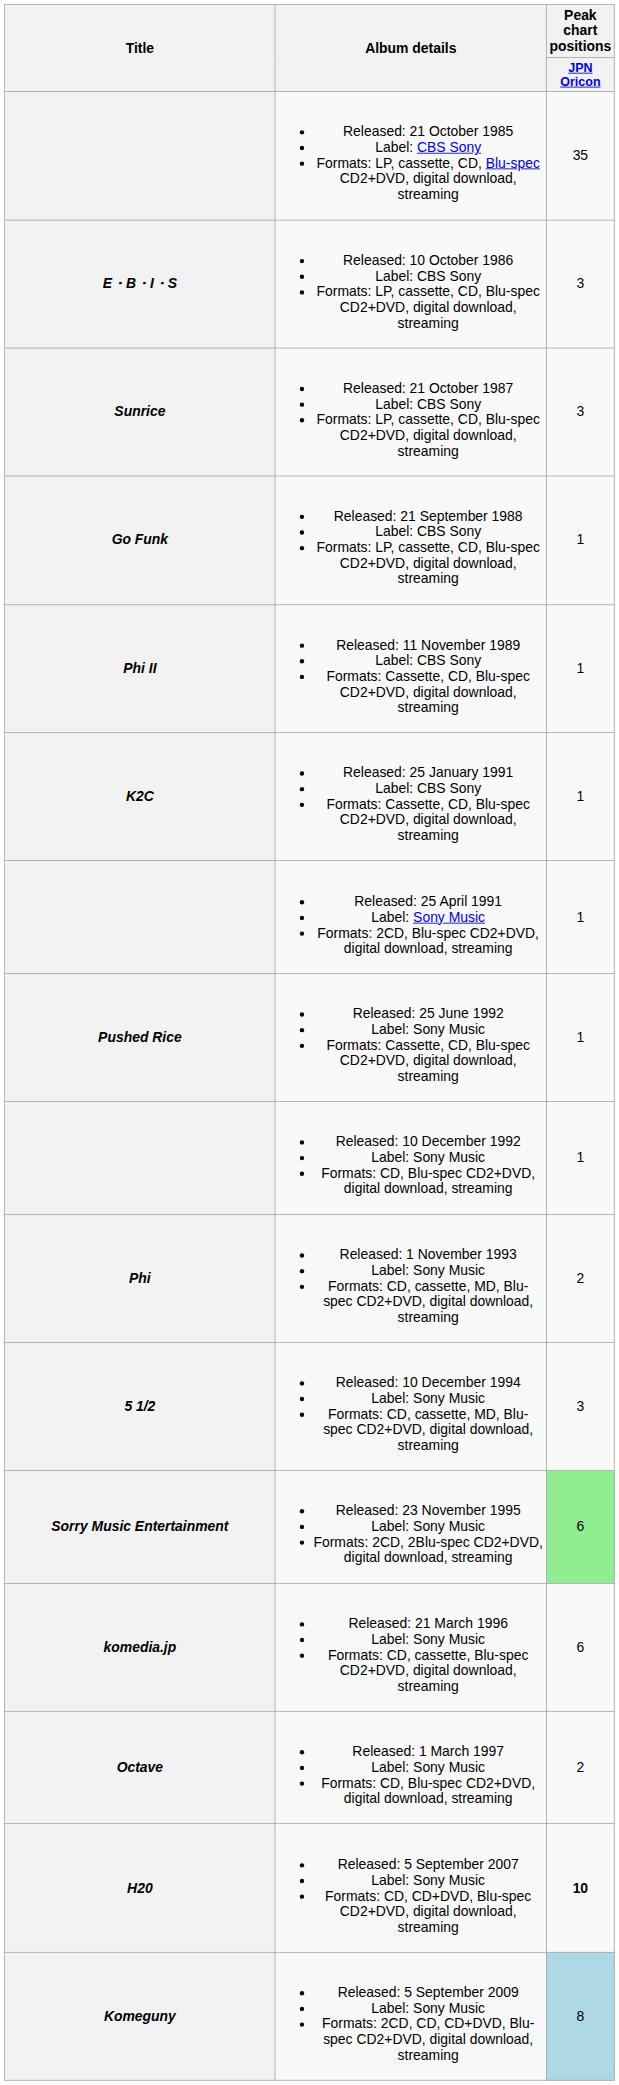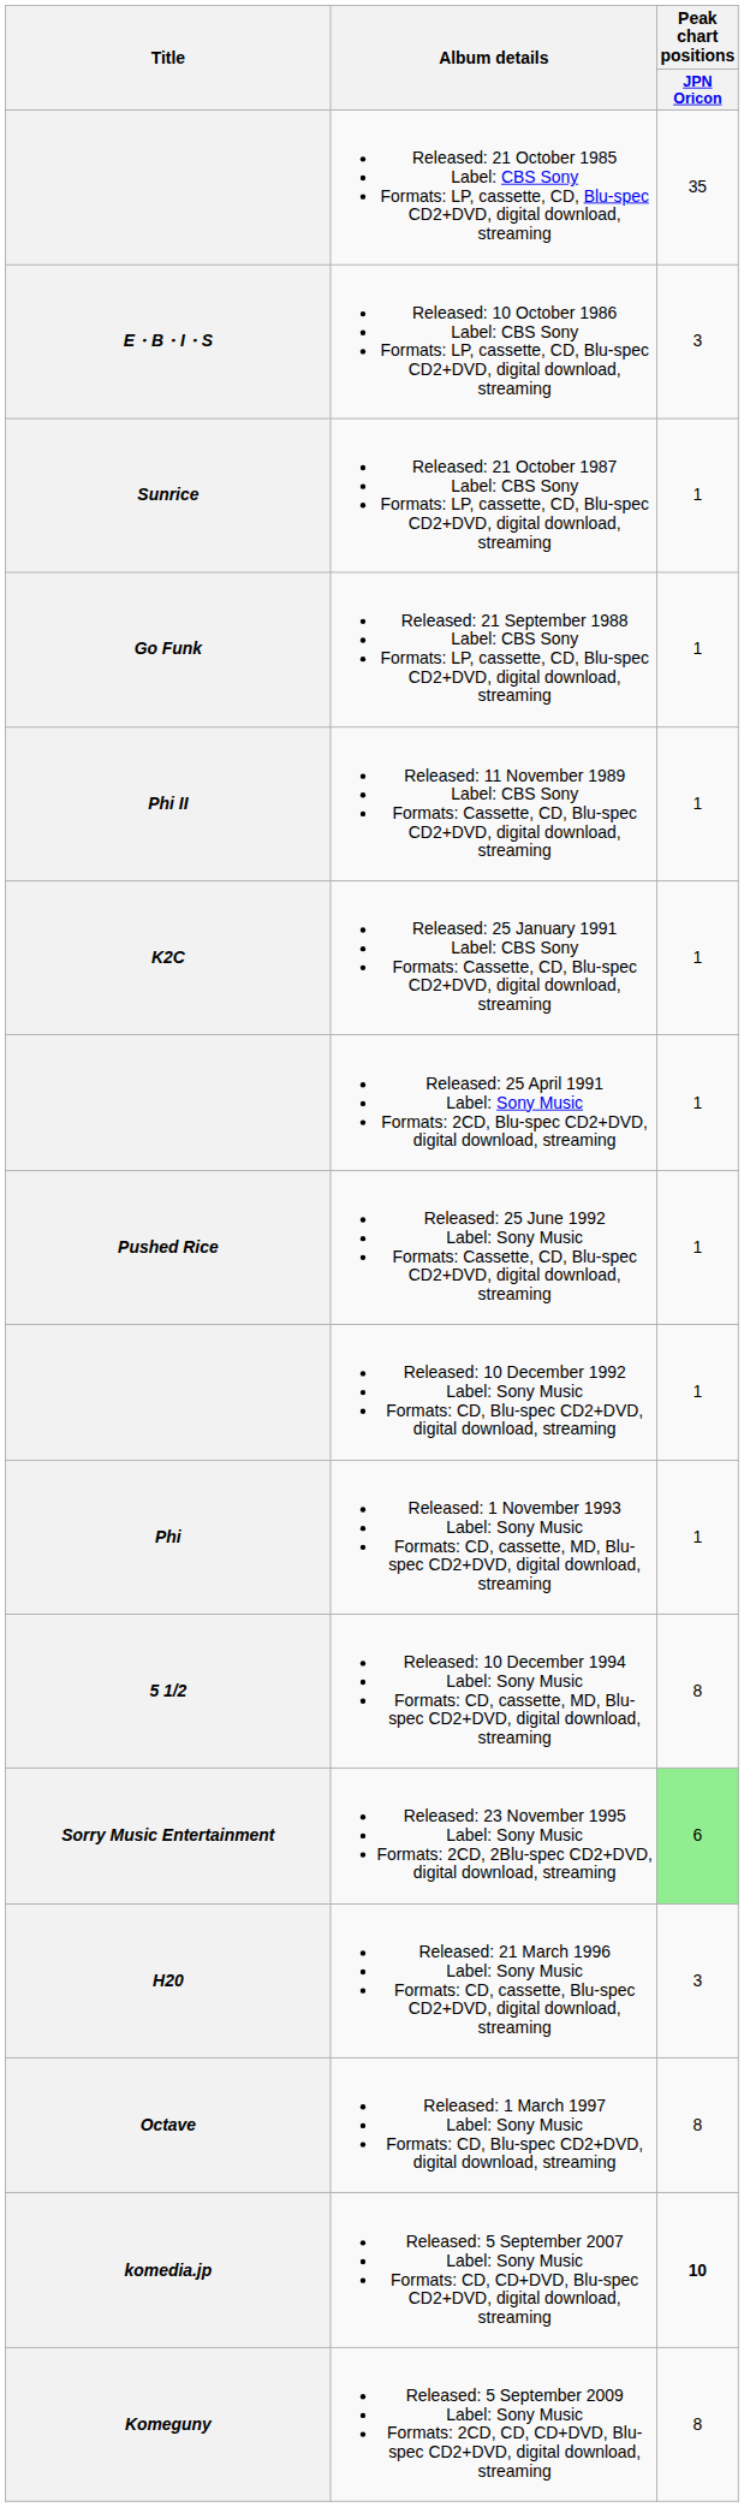 <table class="wikitable plainrowheaders" style="text-align:center;">
 <tr>
 <th scope="col" rowspan="2" style="width:19em;">Title</th>
 <th scope="col" rowspan="2" style="width:19em;">Album details</th>
 <th scope="col">Peak chart positions</th>
 </tr>
 <tr>
 <th scope="col" style="width:2.9em;font-size:90%;"><a href='#'>JPN<br>Oricon</a><br></th>
 </tr>
 <tr>
 <th scope="row"></th>
 <td><br><ul><li>Released: 21 October 1985</li><li>Label: <a href='#'>CBS Sony</a></li><li>Formats: LP, cassette, CD, <a href='#'>Blu-spec</a> CD2+DVD, digital download, streaming</li></ul></td>
 <td>35</td>
 </tr>
 <tr>
 <th scope="row"><em>E・B・I・S</em></th>
 <td><br><ul><li>Released: 10 October 1986</li><li>Label: CBS Sony</li><li>Formats: LP, cassette, CD, Blu-spec CD2+DVD, digital download, streaming</li></ul></td>
 <td>3</td>
 </tr>
 <tr>
 <th scope="row"><em>Sunrice</em></th>
 <td><br><ul><li>Released: 21 October 1987</li><li>Label: CBS Sony</li><li>Formats: LP, cassette, CD, Blu-spec CD2+DVD, digital download, streaming</li></ul></td>
-<td>3</td>
+<td>1</td>
 </tr>
 <tr>
 <th scope="row"><em>Go Funk</em></th>
 <td><br><ul><li>Released: 21 September 1988</li><li>Label: CBS Sony</li><li>Formats: LP, cassette, CD, Blu-spec CD2+DVD, digital download, streaming</li></ul></td>
 <td>1</td>
 </tr>
 <tr>
 <th scope="row"><em>Phi II</em></th>
 <td><br><ul><li>Released: 11 November 1989</li><li>Label: CBS Sony</li><li>Formats: Cassette, CD, Blu-spec CD2+DVD, digital download, streaming</li></ul></td>
 <td>1</td>
 </tr>
 <tr>
 <th scope="row"><em>K2C</em></th>
 <td><br><ul><li>Released: 25 January 1991</li><li>Label: CBS Sony</li><li>Formats: Cassette, CD, Blu-spec CD2+DVD, digital download, streaming</li></ul></td>
 <td>1</td>
 </tr>
 <tr>
 <th scope="row"></th>
 <td><br><ul><li>Released: 25 April 1991</li><li>Label: <a href='#'>Sony Music</a></li><li>Formats: 2CD, Blu-spec CD2+DVD, digital download, streaming</li></ul></td>
 <td>1</td>
 </tr>
 <tr>
 <th scope="row"><em>Pushed Rice</em></th>
 <td><br><ul><li>Released: 25 June 1992</li><li>Label: Sony Music</li><li>Formats: Cassette, CD, Blu-spec CD2+DVD, digital download, streaming</li></ul></td>
 <td>1</td>
 </tr>
 <tr>
 <th scope="row"></th>
 <td><br><ul><li>Released: 10 December 1992</li><li>Label: Sony Music</li><li>Formats: CD, Blu-spec CD2+DVD, digital download, streaming</li></ul></td>
 <td>1</td>
 </tr>
 <tr>
 <th scope="row"><em>Phi</em></th>
 <td><br><ul><li>Released: 1 November 1993</li><li>Label: Sony Music</li><li>Formats: CD, cassette, MD, Blu-spec CD2+DVD, digital download, streaming</li></ul></td>
-<td>2</td>
+<td>1</td>
 </tr>
 <tr>
 <th scope="row"><em>5 1/2</em></th>
 <td><br><ul><li>Released: 10 December 1994</li><li>Label: Sony Music</li><li>Formats: CD, cassette, MD, Blu-spec CD2+DVD, digital download, streaming</li></ul></td>
-<td>3</td>
+<td>8</td>
 </tr>
 <tr>
 <th scope="row"><em>Sorry Music Entertainment</em></th>
 <td><br><ul><li>Released: 23 November 1995</li><li>Label: Sony Music</li><li>Formats: 2CD, 2Blu-spec CD2+DVD, digital download, streaming</li></ul></td>
 <td style="background: lightgreen;">6</td>
 </tr>
 <tr>
-<th scope="row"><em>komedia.jp</em></th>
+<th scope="row"><em>H20</em></th>
 <td><br><ul><li>Released: 21 March 1996</li><li>Label: Sony Music</li><li>Formats: CD, cassette, Blu-spec CD2+DVD, digital download, streaming</li></ul></td>
-<td>6</td>
+<td>3</td>
 </tr>
 <tr>
 <th scope="row"><em>Octave</em></th>
 <td><br><ul><li>Released: 1 March 1997</li><li>Label: Sony Music</li><li>Formats: CD, Blu-spec CD2+DVD, digital download, streaming</li></ul></td>
-<td>2</td>
+<td>8</td>
 </tr>
 <tr>
-<th scope="row"><em>H20</em></th>
+<th scope="row"><em>komedia.jp</em></th>
 <td><br><ul><li>Released: 5 September 2007</li><li>Label: Sony Music</li><li>Formats: CD, CD+DVD, Blu-spec CD2+DVD, digital download, streaming</li></ul></td>
 <td><strong>10</strong></td>
 </tr>
 <tr>
 <th scope="row"><em>Komeguny</em></th>
 <td><br><ul><li>Released: 5 September 2009</li><li>Label: Sony Music</li><li>Formats: 2CD, CD, CD+DVD, Blu-spec CD2+DVD, digital download, streaming</li></ul></td>
-<td style="background: lightblue;">8</td>
+<td>8</td>
 </tr>
 </table>
